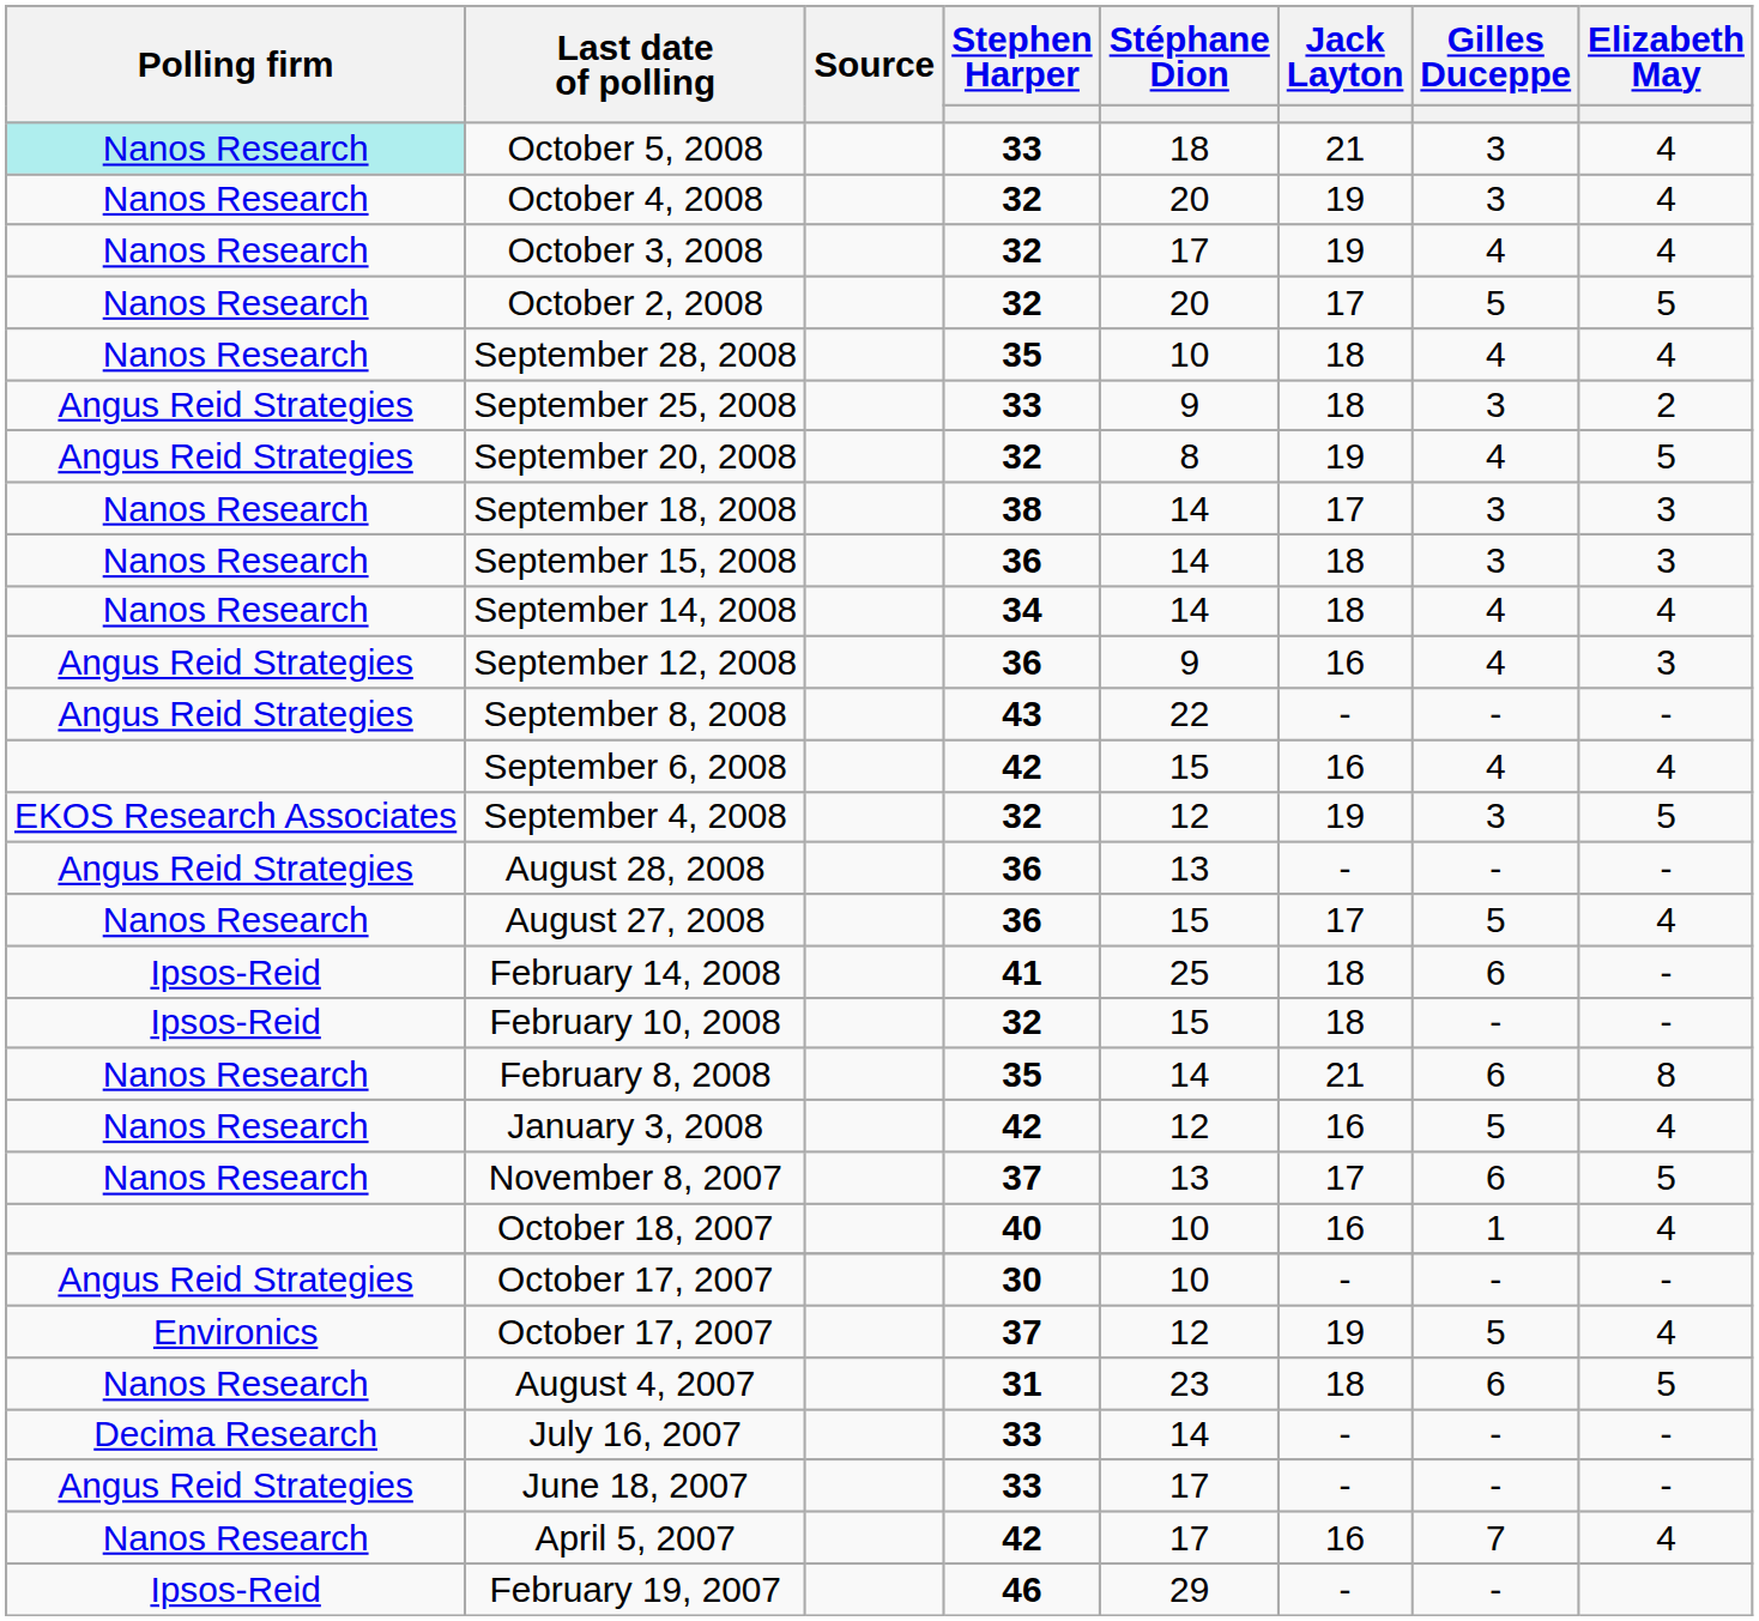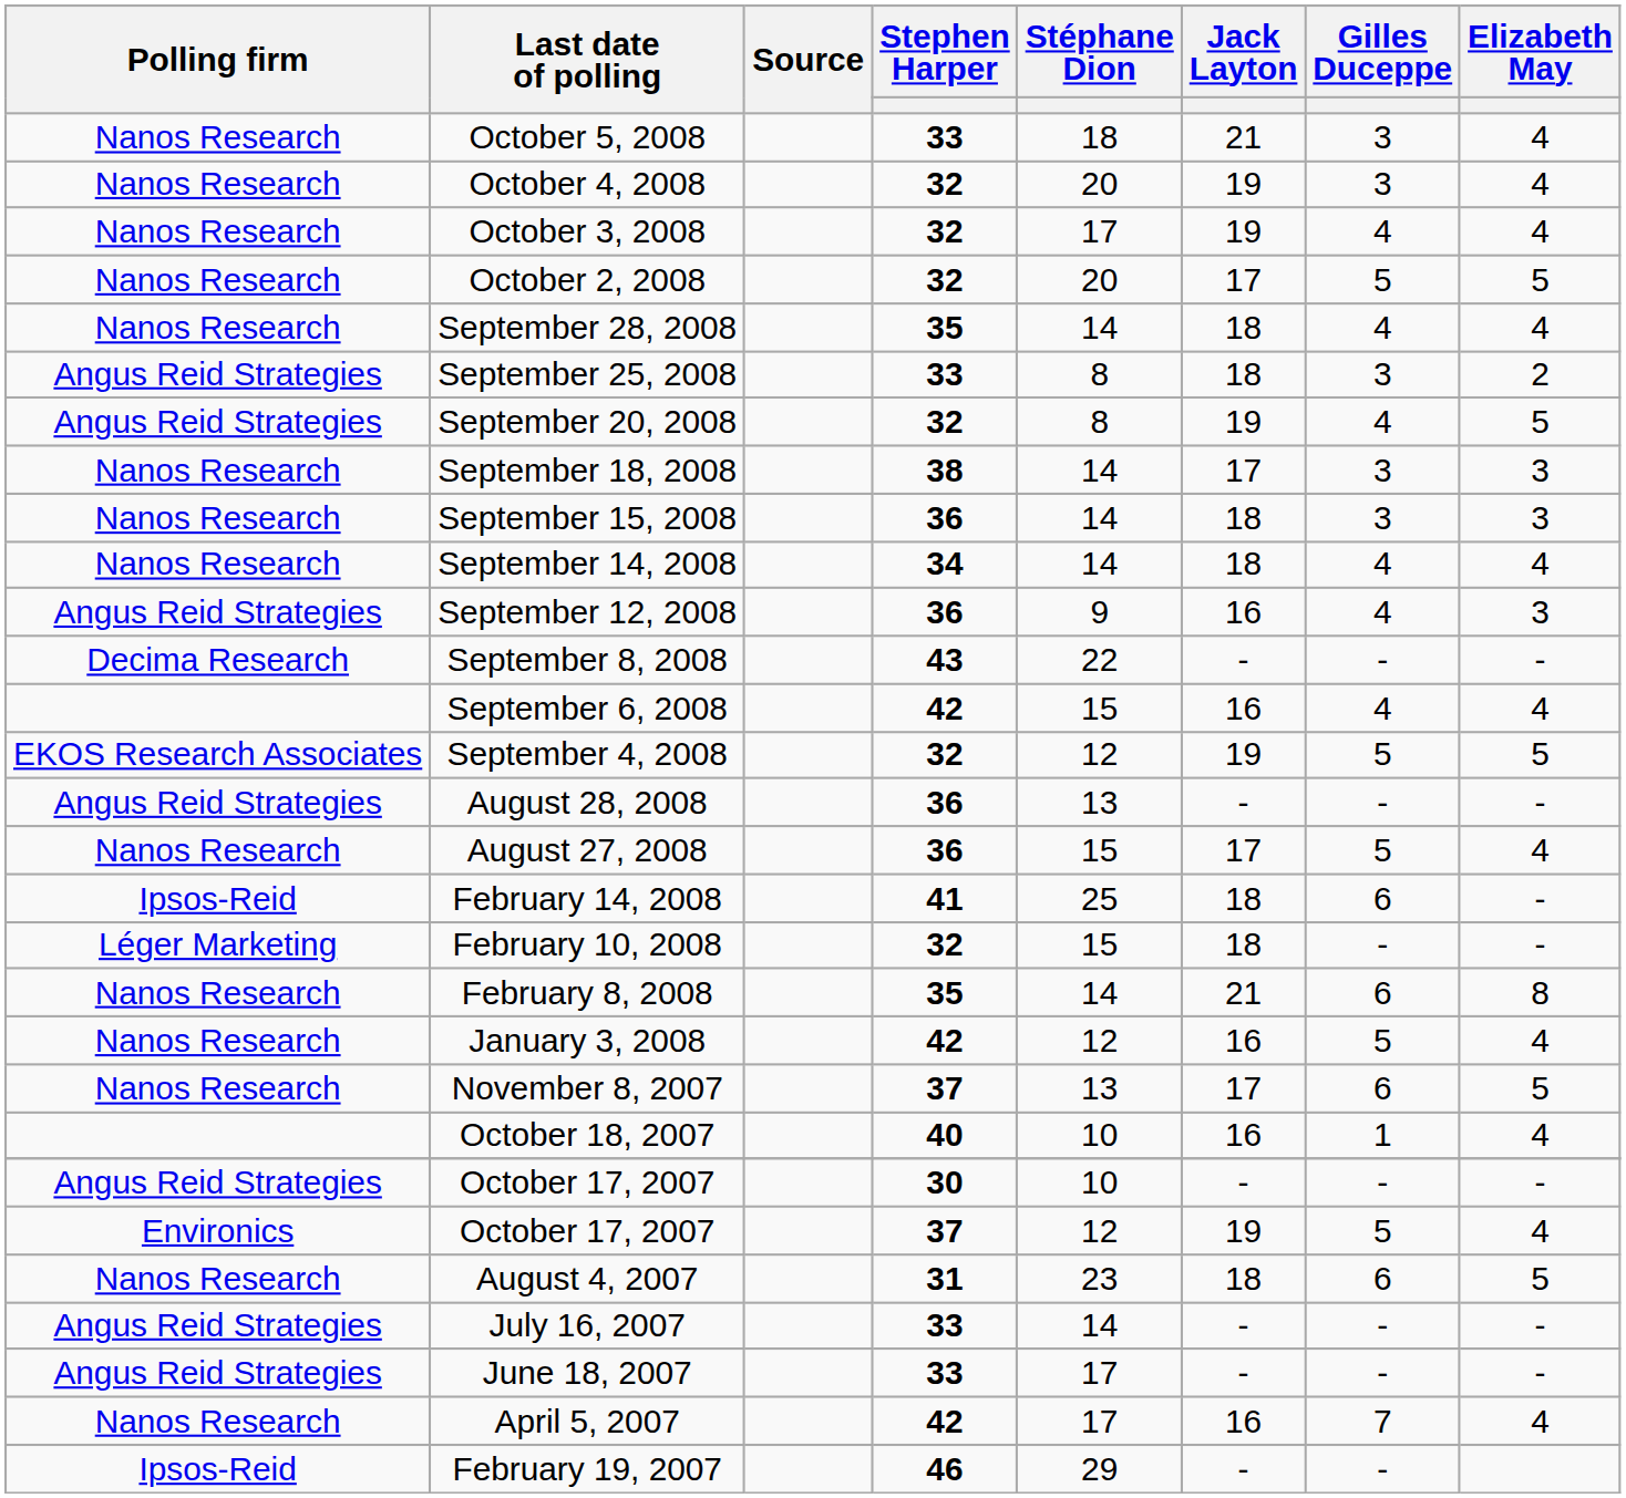 <table class="wikitable sortable" style="text-align:center;font-size:90%;line-height:14px;">
 <tr style="height:40px;">
 <th rowspan="2">Polling firm</th>
 <th rowspan="2">Last date<br>of polling</th>
 <th rowspan="2">Source</th>
 <th class="unsortable" style="width:40px;"><a href='#'>Stephen Harper</a></th>
 <th class="unsortable" style="width:40px;"><a href='#'>Stéphane Dion</a></th>
 <th class="unsortable" style="width:40px;"><a href='#'>Jack Layton</a></th>
 <th class="unsortable" style="width:40px;"><a href='#'>Gilles Duceppe</a></th>
 <th class="unsortable" style="width:40px;"><a href='#'>Elizabeth May</a></th>
 </tr>
 <tr>
 <th style="background:"></th>
 <th style="background:"></th>
 <th style="background:"></th>
 <th style="background:"></th>
 <th style="background:"></th>
 </tr>
 <tr>
-<td style="background: paleturquoise;"><a href='#'>Nanos Research</a></td>
+<td><a href='#'>Nanos Research</a></td>
 <td>October 5, 2008</td>
 <td></td>
 <td><strong>33</strong></td>
 <td>18</td>
 <td>21</td>
 <td>3</td>
 <td>4</td>
 </tr>
 <tr>
 <td><a href='#'>Nanos Research</a></td>
 <td>October 4, 2008</td>
 <td></td>
 <td><strong>32</strong></td>
 <td>20</td>
 <td>19</td>
 <td>3</td>
 <td>4</td>
 </tr>
 <tr>
 <td><a href='#'>Nanos Research</a></td>
 <td>October 3, 2008</td>
 <td></td>
 <td><strong>32</strong></td>
 <td>17</td>
 <td>19</td>
 <td>4</td>
 <td>4</td>
 </tr>
 <tr>
 <td><a href='#'>Nanos Research</a></td>
 <td>October 2, 2008</td>
 <td></td>
 <td><strong>32</strong></td>
 <td>20</td>
 <td>17</td>
 <td>5</td>
 <td>5</td>
 </tr>
 <tr>
 <td><a href='#'>Nanos Research</a></td>
 <td>September 28, 2008</td>
 <td></td>
 <td><strong>35</strong></td>
-<td>10</td>
+<td>14</td>
 <td>18</td>
 <td>4</td>
 <td>4</td>
 </tr>
 <tr>
 <td><a href='#'>Angus Reid Strategies</a></td>
 <td>September 25, 2008</td>
 <td></td>
 <td><strong>33</strong></td>
-<td>9</td>
+<td>8</td>
 <td>18</td>
 <td>3</td>
 <td>2</td>
 </tr>
 <tr>
 <td><a href='#'>Angus Reid Strategies</a></td>
 <td>September 20, 2008</td>
 <td></td>
 <td><strong>32</strong></td>
 <td>8</td>
 <td>19</td>
 <td>4</td>
 <td>5</td>
 </tr>
 <tr>
 <td><a href='#'>Nanos Research</a></td>
 <td>September 18, 2008</td>
 <td></td>
 <td><strong>38</strong></td>
 <td>14</td>
 <td>17</td>
 <td>3</td>
 <td>3</td>
 </tr>
 <tr>
 <td><a href='#'>Nanos Research</a></td>
 <td>September 15, 2008</td>
 <td></td>
 <td><strong>36</strong></td>
 <td>14</td>
 <td>18</td>
 <td>3</td>
 <td>3</td>
 </tr>
 <tr>
 <td><a href='#'>Nanos Research</a></td>
 <td>September 14, 2008</td>
 <td></td>
 <td><strong>34</strong></td>
 <td>14</td>
 <td>18</td>
 <td>4</td>
 <td>4</td>
 </tr>
 <tr>
 <td><a href='#'>Angus Reid Strategies</a></td>
 <td>September 12, 2008</td>
 <td></td>
 <td><strong>36</strong></td>
 <td>9</td>
 <td>16</td>
 <td>4</td>
 <td>3</td>
 </tr>
 <tr>
-<td><a href='#'>Angus Reid Strategies</a></td>
+<td><a href='#'>Decima Research</a></td>
 <td>September 8, 2008</td>
 <td></td>
 <td><strong>43</strong></td>
 <td>22</td>
 <td>-</td>
 <td>-</td>
 <td>-</td>
 </tr>
 <tr>
 <td></td>
 <td>September 6, 2008</td>
 <td></td>
 <td><strong>42</strong></td>
 <td>15</td>
 <td>16</td>
 <td>4</td>
 <td>4</td>
 </tr>
 <tr>
 <td><a href='#'>EKOS Research Associates</a></td>
 <td>September 4, 2008</td>
 <td></td>
 <td><strong>32</strong></td>
 <td>12</td>
 <td>19</td>
-<td>3</td>
+<td>5</td>
 <td>5</td>
 </tr>
 <tr>
 <td><a href='#'>Angus Reid Strategies</a></td>
 <td>August 28, 2008</td>
 <td></td>
 <td><strong>36</strong></td>
 <td>13</td>
 <td>-</td>
 <td>-</td>
 <td>-</td>
 </tr>
 <tr>
 <td><a href='#'>Nanos Research</a></td>
 <td>August 27, 2008</td>
 <td></td>
 <td><strong>36</strong></td>
 <td>15</td>
 <td>17</td>
 <td>5</td>
 <td>4</td>
 </tr>
 <tr>
 <td><a href='#'>Ipsos-Reid</a></td>
 <td>February 14, 2008</td>
 <td></td>
 <td><strong>41</strong></td>
 <td>25</td>
 <td>18</td>
 <td>6</td>
 <td>-</td>
 </tr>
 <tr>
-<td><a href='#'>Ipsos-Reid</a></td>
+<td><a href='#'>Léger Marketing</a></td>
 <td>February 10, 2008</td>
 <td></td>
 <td><strong>32</strong></td>
 <td>15</td>
 <td>18</td>
 <td>-</td>
 <td>-</td>
 </tr>
 <tr>
 <td><a href='#'>Nanos Research</a></td>
 <td>February 8, 2008</td>
 <td></td>
 <td><strong>35</strong></td>
 <td>14</td>
 <td>21</td>
 <td>6</td>
 <td>8</td>
 </tr>
 <tr>
 <td><a href='#'>Nanos Research</a></td>
 <td>January 3, 2008</td>
 <td></td>
 <td><strong>42</strong></td>
 <td>12</td>
 <td>16</td>
 <td>5</td>
 <td>4</td>
 </tr>
 <tr>
 <td><a href='#'>Nanos Research</a></td>
 <td>November 8, 2007</td>
 <td></td>
 <td><strong>37</strong></td>
 <td>13</td>
 <td>17</td>
 <td>6</td>
 <td>5</td>
 </tr>
 <tr>
 <td></td>
 <td>October 18, 2007</td>
 <td></td>
 <td><strong>40</strong></td>
 <td>10</td>
 <td>16</td>
 <td>1</td>
 <td>4</td>
 </tr>
 <tr>
 </tr>
 <tr>
 <td><a href='#'>Angus Reid Strategies</a></td>
 <td>October 17, 2007</td>
 <td></td>
 <td><strong>30</strong></td>
 <td>10</td>
 <td>-</td>
 <td>-</td>
 <td>-</td>
 </tr>
 <tr>
 <td><a href='#'>Environics</a></td>
 <td>October 17, 2007</td>
 <td></td>
 <td><strong>37</strong></td>
 <td>12</td>
 <td>19</td>
 <td>5</td>
 <td>4</td>
 </tr>
 <tr>
 <td><a href='#'>Nanos Research</a></td>
 <td>August 4, 2007</td>
 <td></td>
 <td><strong>31</strong></td>
 <td>23</td>
 <td>18</td>
 <td>6</td>
 <td>5</td>
 </tr>
 <tr>
-<td><a href='#'>Decima Research</a></td>
+<td><a href='#'>Angus Reid Strategies</a></td>
 <td>July 16, 2007</td>
 <td></td>
 <td><strong>33</strong></td>
 <td>14</td>
 <td>-</td>
 <td>-</td>
 <td>-</td>
 </tr>
 <tr>
 <td><a href='#'>Angus Reid Strategies</a></td>
 <td>June 18, 2007</td>
 <td></td>
 <td><strong>33</strong></td>
 <td>17</td>
 <td>-</td>
 <td>-</td>
 <td>-</td>
 </tr>
 <tr>
 <td><a href='#'>Nanos Research</a></td>
 <td>April 5, 2007</td>
 <td></td>
 <td><strong>42</strong></td>
 <td>17</td>
 <td>16</td>
 <td>7</td>
 <td>4</td>
 </tr>
 <tr>
 <td><a href='#'>Ipsos-Reid</a></td>
 <td>February 19, 2007</td>
 <td></td>
 <td><strong>46</strong></td>
 <td 25>29</td>
 <td>-</td>
 <td>-</td>
 </tr>
 </table>
